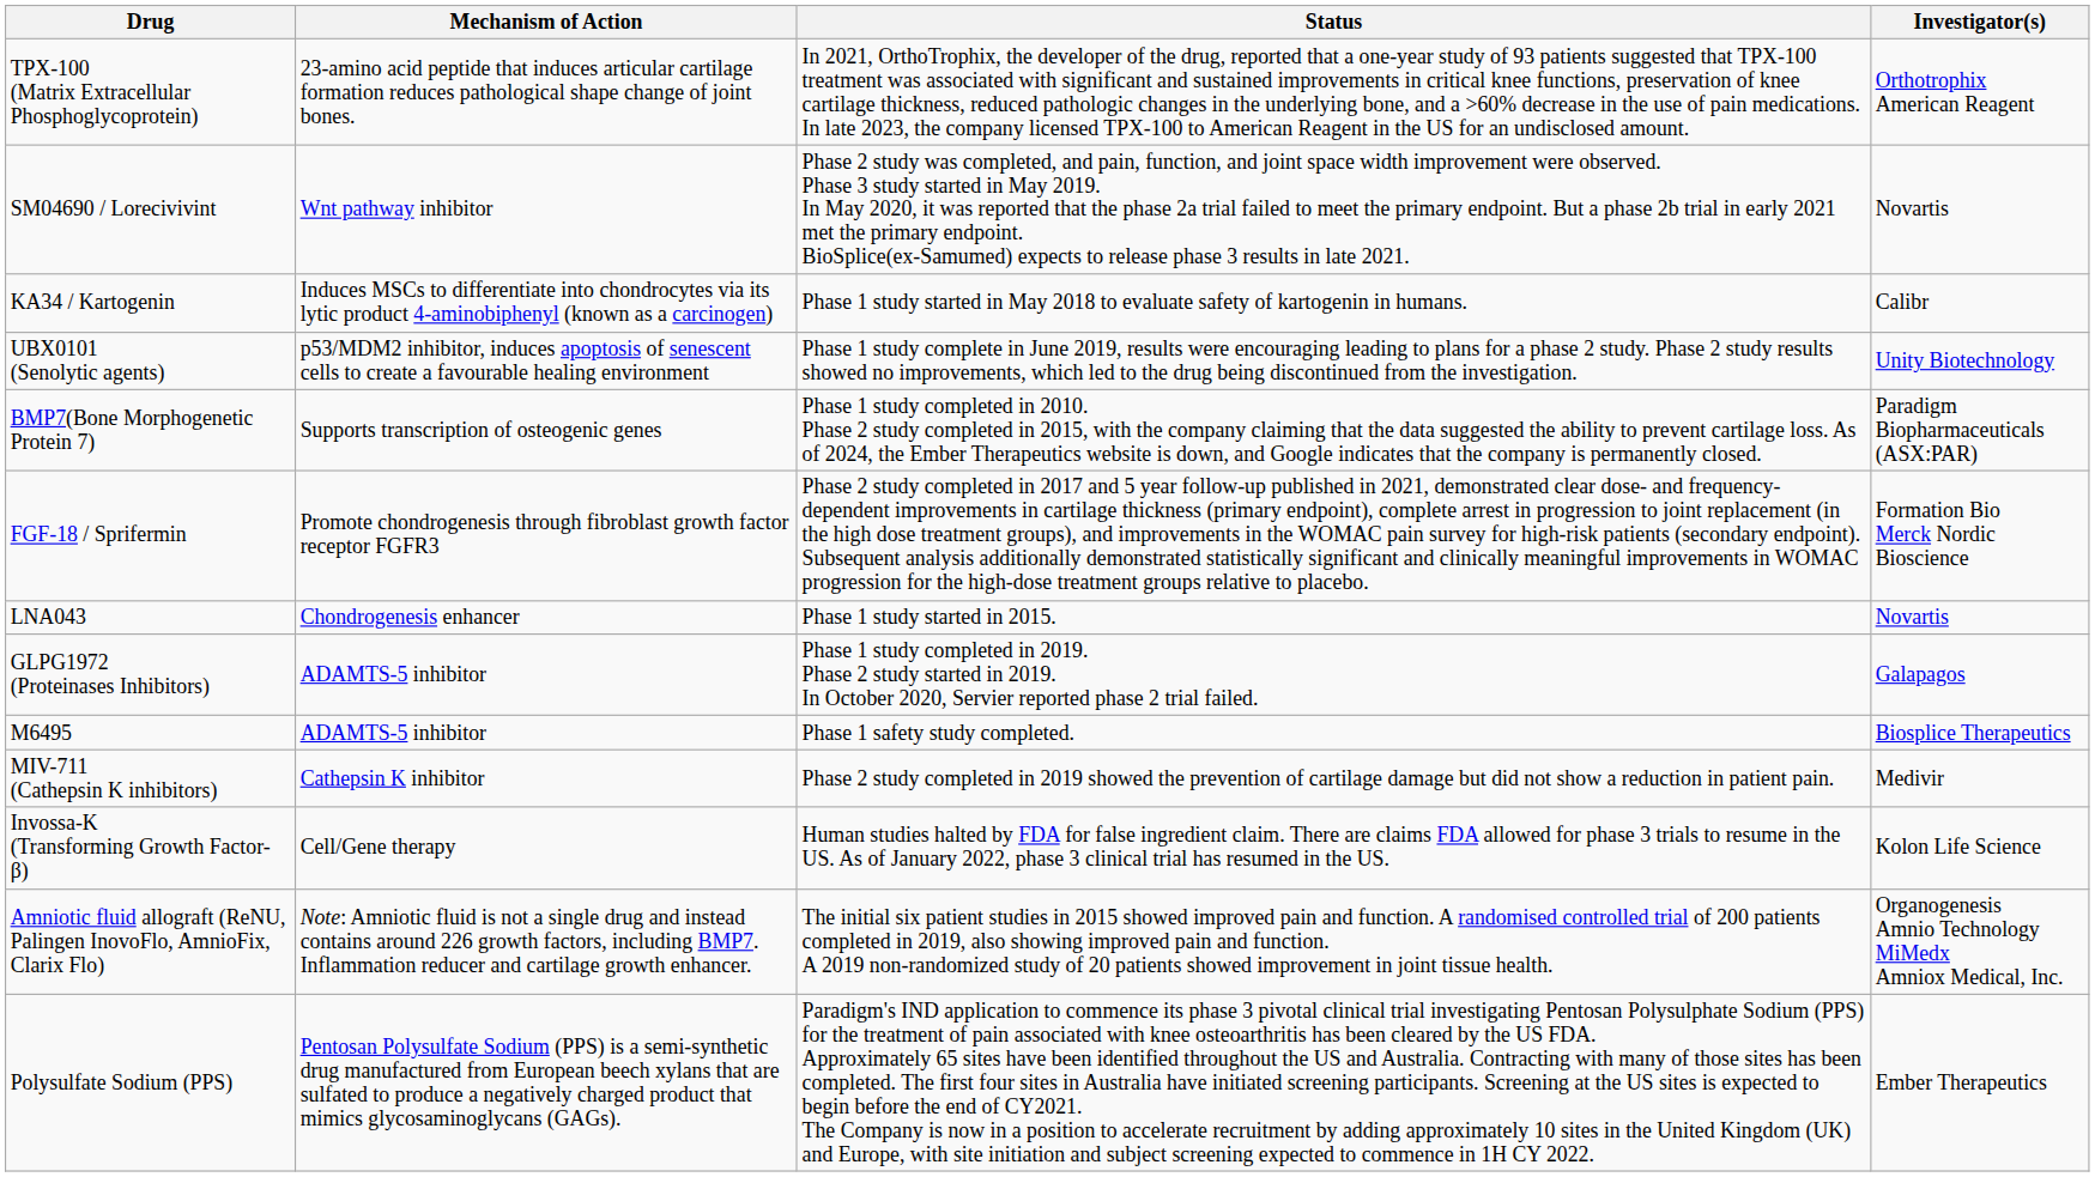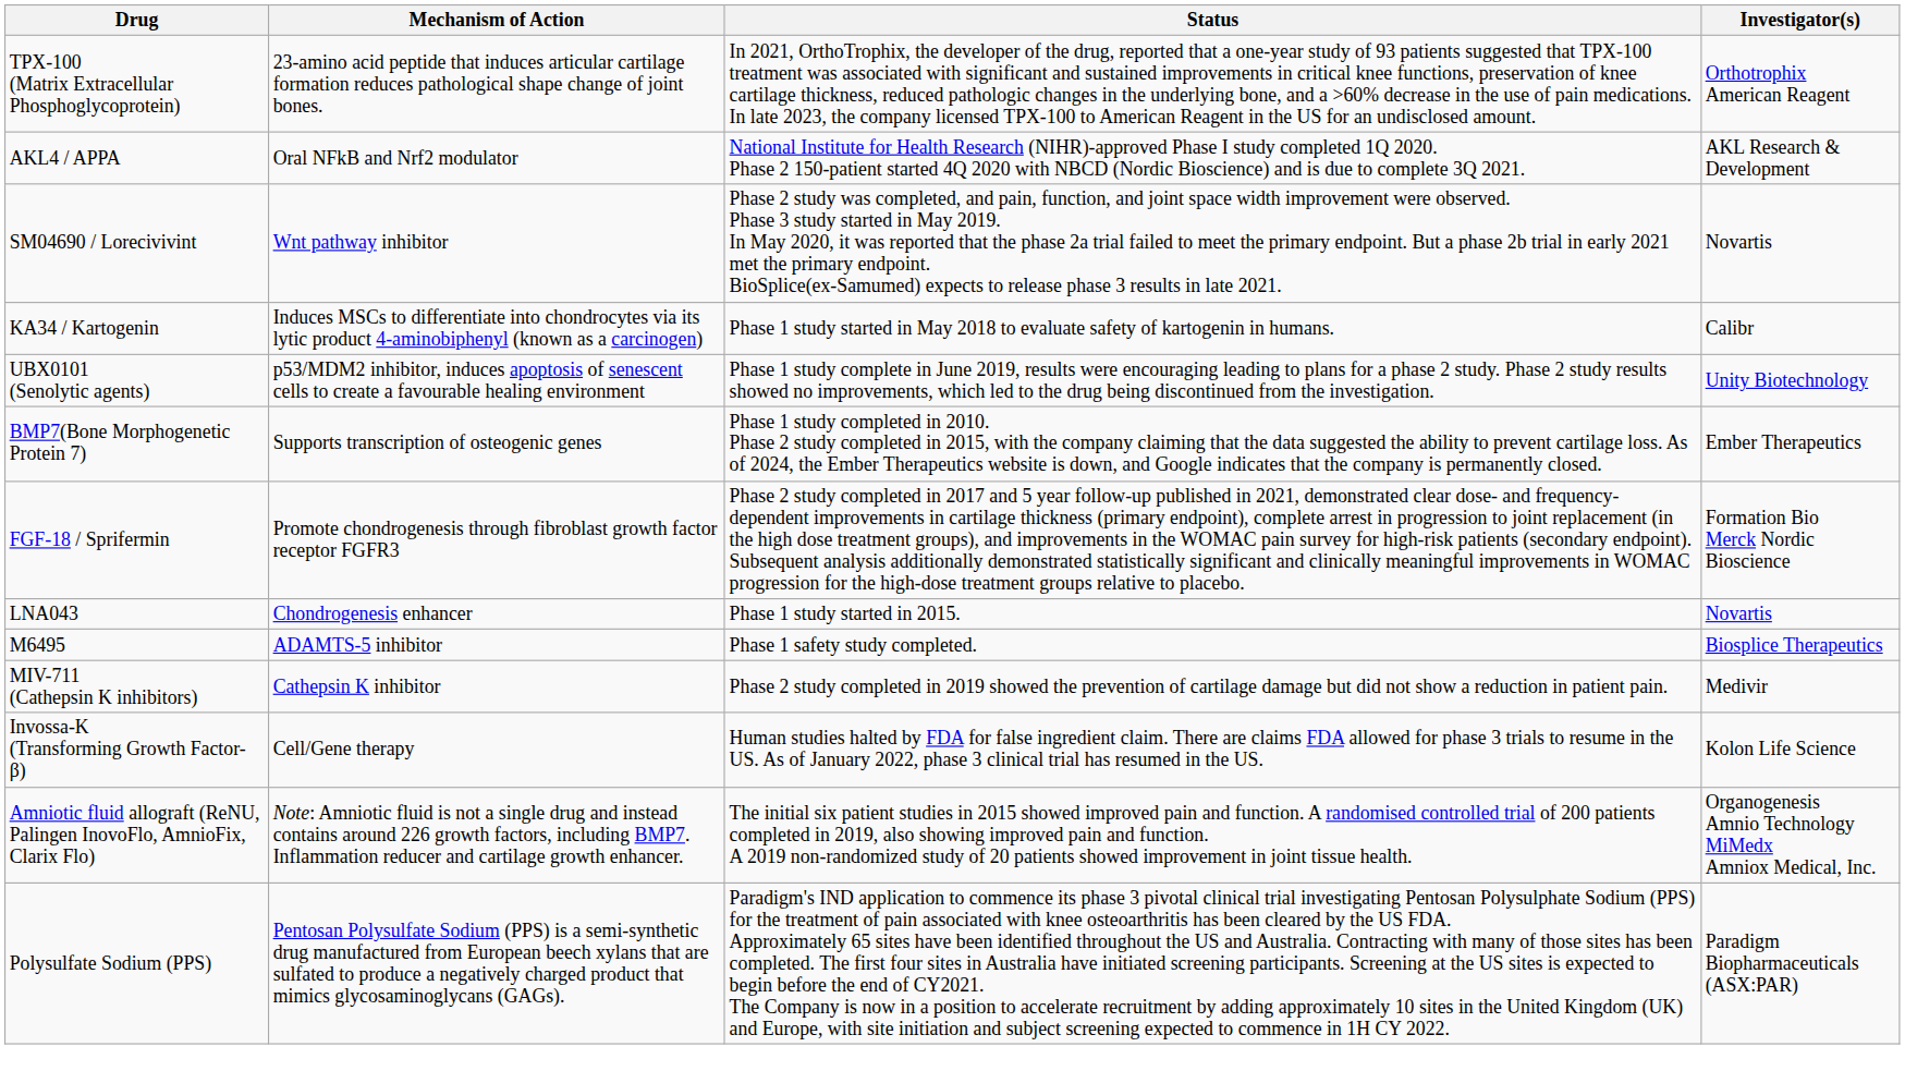 <table class="wikitable">
 <tr>
 <th>Drug</th>
 <th>Mechanism of Action</th>
 <th>Status</th>
 <th>Investigator(s)</th>
 </tr>
 <tr>
 <td>TPX-100<br>(Matrix Extracellular Phosphoglycoprotein)</td>
 <td>23-amino acid peptide that induces articular cartilage formation  reduces pathological shape change of joint bones.</td>
 <td>In 2021, OrthoTrophix, the developer of the drug, reported that a one-year study of 93 patients suggested that TPX-100 treatment was associated with significant and sustained improvements in critical knee functions, preservation of knee cartilage thickness, reduced pathologic changes in the underlying bone, and a >60% decrease in the use of pain medications. In late 2023, the company licensed TPX-100 to American Reagent in the US for an undisclosed amount.</td>
 <td><a href='#'>Orthotrophix</a><br>American Reagent</td>
+</tr>
+<tr>
+<td>AKL4 / APPA</td>
+<td>Oral NFkB and Nrf2 modulator</td>
+<td><a href='#'>National Institute for Health Research</a> (NIHR)-approved Phase I study completed 1Q 2020.<br>Phase 2 150-patient started 4Q 2020 with NBCD (Nordic Bioscience) and is due to complete 3Q 2021.</td>
+<td>AKL Research & Development</td>
 </tr>
 <tr>
 <td>SM04690 / Lorecivivint</td>
 <td><a href='#'>Wnt pathway</a> inhibitor</td>
 <td>Phase 2 study was completed, and pain, function, and joint space width improvement were observed.<br>Phase 3 study started in May 2019.<br>In May 2020, it was reported that the phase 2a trial failed to meet the primary endpoint. But a phase 2b trial in early 2021 met the primary endpoint.<br>BioSplice(ex-Samumed) expects to release phase 3 results in late 2021.</td>
 <td>Novartis</td>
 </tr>
 <tr>
 <td>KA34 / Kartogenin</td>
 <td>Induces MSCs to differentiate into chondrocytes via its lytic product <a href='#'>4-aminobiphenyl</a> (known as a <a href='#'>carcinogen</a>)</td>
 <td>Phase 1 study started in May 2018 to evaluate safety of kartogenin in humans.</td>
 <td>Calibr</td>
 </tr>
 <tr>
 <td>UBX0101<br>(Senolytic agents)</td>
 <td>p53/MDM2 inhibitor, induces <a href='#'>apoptosis</a> of <a href='#'>senescent</a> cells to create a favourable healing environment</td>
 <td>Phase 1 study complete in June 2019, results were encouraging leading to plans for a phase 2 study. Phase 2 study results showed no improvements, which led to the drug being discontinued from the investigation.</td>
 <td><a href='#'>Unity Biotechnology</a></td>
 </tr>
 <tr>
 <td><a href='#'>BMP7</a>(Bone Morphogenetic Protein 7)</td>
 <td>Supports transcription of osteogenic genes</td>
 <td>Phase 1 study completed in 2010.<br>Phase 2 study completed in 2015, with the company claiming that the data suggested the ability to prevent cartilage loss. As of 2024, the Ember Therapeutics website is down, and Google indicates that the company is permanently closed.</td>
-<td>Paradigm Biopharmaceuticals (ASX:PAR)</td>
+<td>Ember Therapeutics</td>
 </tr>
 <tr>
 <td><a href='#'>FGF-18</a> / Sprifermin</td>
 <td>Promote chondrogenesis through fibroblast growth factor receptor FGFR3</td>
 <td>Phase 2 study completed in 2017 and 5 year follow-up published in 2021, demonstrated clear dose- and frequency-dependent improvements in cartilage thickness (primary endpoint), complete arrest in progression to joint replacement (in the high dose treatment groups), and improvements in the WOMAC pain survey for high-risk patients (secondary endpoint). Subsequent analysis additionally demonstrated statistically significant and clinically meaningful improvements in WOMAC progression for the high-dose treatment groups relative to placebo.</td>
 <td>Formation Bio<br><a href='#'>Merck</a> Nordic Bioscience</td>
 </tr>
 <tr>
 <td>LNA043</td>
 <td><a href='#'>Chondrogenesis</a> enhancer</td>
 <td>Phase 1 study started in 2015.</td>
 <td><a href='#'>Novartis</a></td>
-</tr>
-<tr>
-<td>GLPG1972<br>(Proteinases Inhibitors)</td>
-<td><a href='#'>ADAMTS-5</a> inhibitor</td>
-<td>Phase 1 study completed in 2019.<br>Phase 2 study started in 2019.<br>In October 2020, Servier reported phase 2 trial failed.</td>
-<td><a href='#'>Galapagos</a></td>
 </tr>
 <tr>
 <td>M6495</td>
 <td><a href='#'>ADAMTS-5</a> inhibitor</td>
 <td>Phase 1 safety study completed.</td>
 <td><a href='#'>Biosplice Therapeutics</a></td>
 </tr>
 <tr>
 <td>MIV-711<br>(Cathepsin K inhibitors)</td>
 <td><a href='#'>Cathepsin K</a> inhibitor</td>
 <td>Phase 2 study completed in 2019 showed the prevention of cartilage damage but did not show a reduction in patient pain.</td>
 <td>Medivir</td>
 </tr>
 <tr>
 <td>Invossa-K<br>(Transforming Growth Factor- β)</td>
 <td>Cell/Gene therapy</td>
 <td>Human studies halted by <a href='#'>FDA</a> for false ingredient claim. There are claims <a href='#'>FDA</a> allowed for phase 3 trials to resume in the US. As of January 2022, phase 3 clinical trial has resumed in the US.</td>
 <td>Kolon Life Science</td>
 </tr>
 <tr>
 <td><a href='#'>Amniotic fluid</a> allograft (ReNU, Palingen InovoFlo, AmnioFix, Clarix Flo)</td>
 <td><em>Note</em>: Amniotic fluid is not a single drug and instead contains around 226 growth factors, including <a href='#'>BMP7</a>.<br>Inflammation reducer and cartilage growth enhancer.</td>
 <td>The initial six patient studies in 2015 showed improved pain and function. A <a href='#'>randomised controlled trial</a> of 200 patients completed in 2019, also showing improved pain and function.<br>A 2019 non-randomized study of 20 patients showed improvement in joint tissue health.</td>
 <td>Organogenesis<br>Amnio Technology<br><a href='#'>MiMedx</a><br>Amniox Medical, Inc.</td>
 </tr>
 <tr>
 <td>Polysulfate Sodium (PPS)</td>
 <td><a href='#'>Pentosan Polysulfate Sodium</a> (PPS) is a semi-synthetic drug manufactured from European beech xylans that are sulfated to produce a negatively charged product that mimics glycosaminoglycans (GAGs).</td>
 <td>Paradigm's IND application to commence its phase 3 pivotal clinical trial investigating Pentosan Polysulphate Sodium (PPS) for the treatment of pain associated with knee osteoarthritis has been cleared by the US FDA.<br>Approximately 65 sites have been identified throughout the US and Australia. Contracting with many of those sites has been completed. The first four sites in Australia have initiated screening participants. Screening at the US sites is expected to begin before the end of CY2021.<br>The Company is now in a position to accelerate recruitment by adding approximately 10 sites in the United Kingdom (UK) and Europe, with site initiation and subject screening expected to commence in 1H CY 2022.</td>
-<td>Ember Therapeutics</td>
+<td>Paradigm Biopharmaceuticals (ASX:PAR)</td>
 </tr>
 </table>
